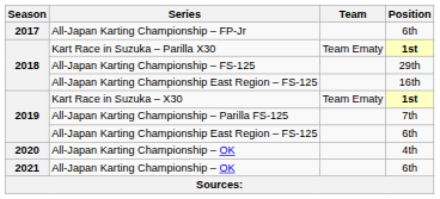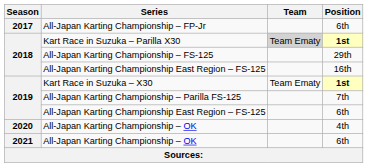 <table class="wikitable" style="font-size: 85%; text-align:center">
 <tr>
 <th>Season</th>
 <th>Series</th>
 <th>Team</th>
 <th>Position</th>
 </tr>
 <tr>
 <th>2017</th>
 <td align="left">All-Japan Karting Championship – FP-Jr</td>
 <td align="left"></td>
 <td style="background:#;">6th</td>
 </tr>
 <tr>
 <th rowspan="3">2018</th>
 <td align="left">Kart Race in Suzuka – Parilla X30</td>
-<td align="left">Team Ematy</td>
+<td align="left" style="background: lightgrey;">Team Ematy</td>
 <td style="background:#FFFFBF;"><strong>1st</strong></td>
 </tr>
 <tr>
 <td align="left">All-Japan Karting Championship – FS-125</td>
 <td align="left"></td>
 <td style="background:#;">29th</td>
 </tr>
 <tr>
 <td align="left">All-Japan Karting Championship East Region – FS-125</td>
 <td align="left"></td>
 <td style="background:#;">16th</td>
 </tr>
 <tr>
 <th rowspan="3">2019</th>
 <td align="left">Kart Race in Suzuka – X30</td>
 <td align="left">Team Ematy</td>
 <td style="background:#FFFFBF;"><strong>1st</strong></td>
 </tr>
 <tr>
 <td align="left">All-Japan Karting Championship – Parilla FS-125</td>
 <td align="left"></td>
 <td style="background:#;">7th</td>
 </tr>
 <tr>
 <td align="left">All-Japan Karting Championship East Region – FS-125</td>
 <td align="left"></td>
 <td style="background:#;">6th</td>
 </tr>
 <tr>
 <th>2020</th>
 <td align="left">All-Japan Karting Championship – <a href='#'>OK</a></td>
 <td align="left"></td>
 <td style="background:#;">4th</td>
 </tr>
 <tr>
 <th>2021</th>
 <td align="left">All-Japan Karting Championship – <a href='#'>OK</a></td>
 <td align="left"></td>
 <td style="background:#;">6th</td>
 </tr>
 <tr>
 <th colspan="4">Sources:</th>
 </tr>
 </table>
